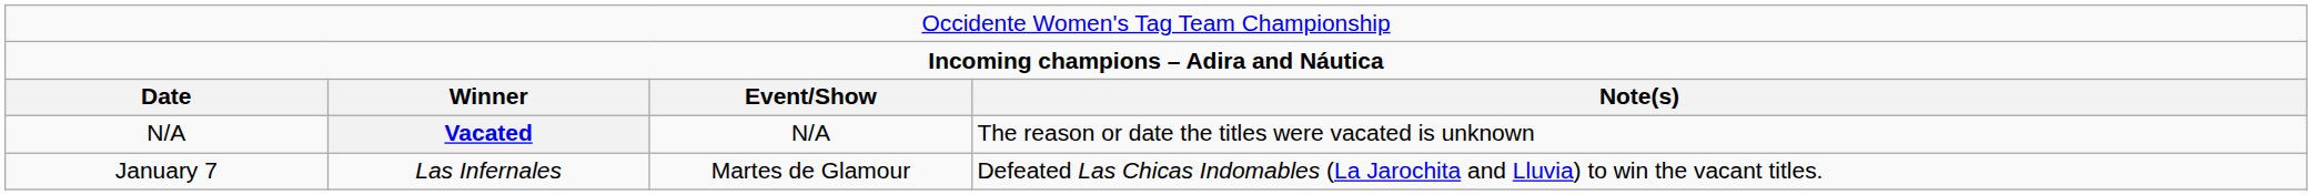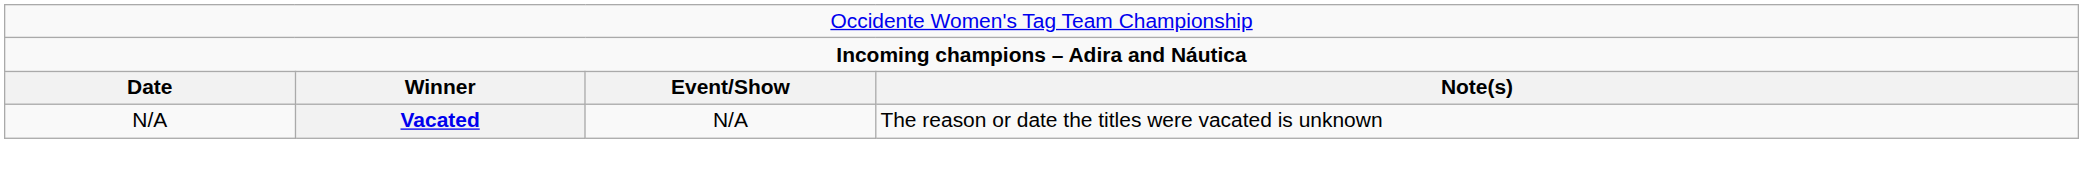 <table class="wikitable" style="text-align:center; width:100%;">
 <tr>
 <td colspan="4" style="text-align: center;"><a href='#'>Occidente Women's Tag Team Championship</a></td>
 </tr>
 <tr>
 <td colspan="4" style="text-align: center;"><strong>Incoming champions – Adira and Náutica</strong></td>
 </tr>
 <tr>
 <th width=14%>Date</th>
 <th width=14%>Winner</th>
 <th width=14%>Event/Show</th>
 <th width=58%>Note(s)</th>
 </tr>
 <tr>
 <td>N/A</td>
 <th><a href='#'>Vacated</a></th>
 <td>N/A</td>
 <td align=left>The reason or date the titles were vacated is unknown</td>
 </tr>
-<tr>
-<td>January 7</td>
-<td><em>Las Infernales</em><br></td>
-<td>Martes de Glamour</td>
-<td align=left>Defeated <em>Las Chicas Indomables</em> (<a href='#'>La Jarochita</a> and <a href='#'>Lluvia</a>) to win the vacant titles.</td>
-</tr>
 </table>
